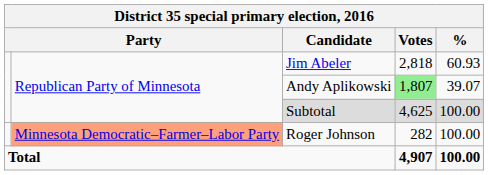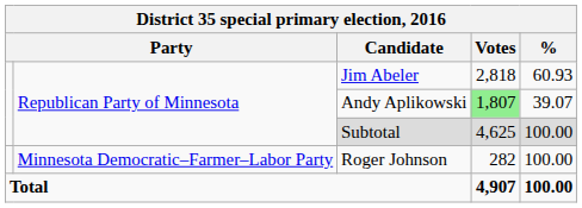 <table class="wikitable">
 <tr>
 <th colspan="5">District 35 special primary election, 2016</th>
 </tr>
 <tr>
 <th colspan="2">Party</th>
 <th>Candidate</th>
 <th>Votes</th>
 <th>%</th>
 </tr>
 <tr>
 <td rowspan="3" style="background-color:"></td>
 <td rowspan="3"><a href='#'>Republican Party of Minnesota</a></td>
 <td><a href='#'>Jim Abeler</a></td>
 <td align="right">2,818</td>
 <td align="right">60.93</td>
 </tr>
 <tr>
 <td>Andy Aplikowski</td>
 <td align="right" style="background: lightgreen;">1,807</td>
 <td align="right">39.07</td>
 </tr>
 <tr>
 <td style="background-color:Gainsboro">Subtotal</td>
 <td style="background-color:Gainsboro" align="right">4,625</td>
 <td style="background-color:Gainsboro" align="right">100.00</td>
 </tr>
 <tr>
 <td rowspan="1" style="background-color:"></td>
-<td rowspan="1" style="background: lightsalmon;"><a href='#'>Minnesota Democratic–Farmer–Labor Party</a></td>
+<td rowspan="1"><a href='#'>Minnesota Democratic–Farmer–Labor Party</a></td>
 <td>Roger Johnson</td>
 <td align="right">282</td>
 <td align="right">100.00</td>
 </tr>
 <tr>
 <td colspan="3"><strong>Total</strong></td>
 <td align="right"><strong>4,907</strong></td>
 <td align="right"><strong>100.00</strong></td>
 </tr>
 </table>
